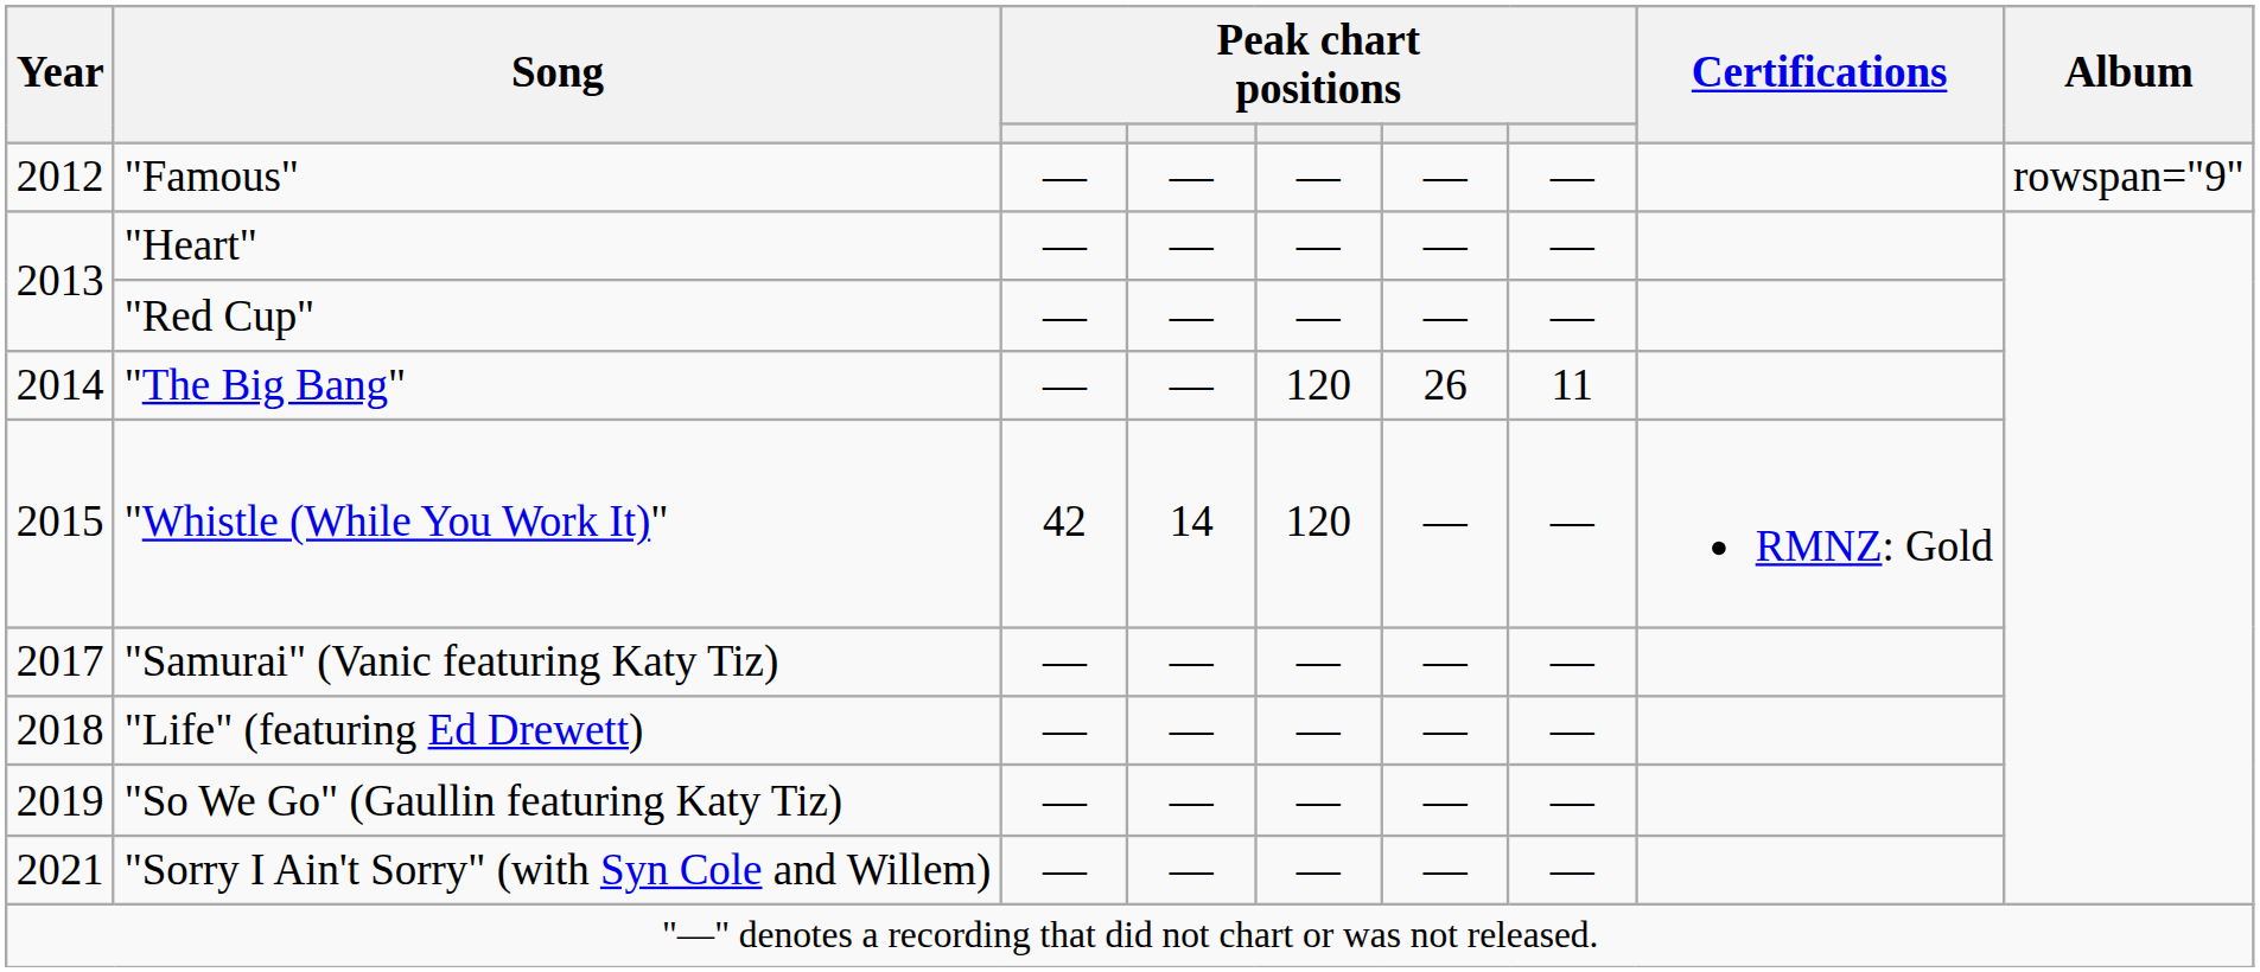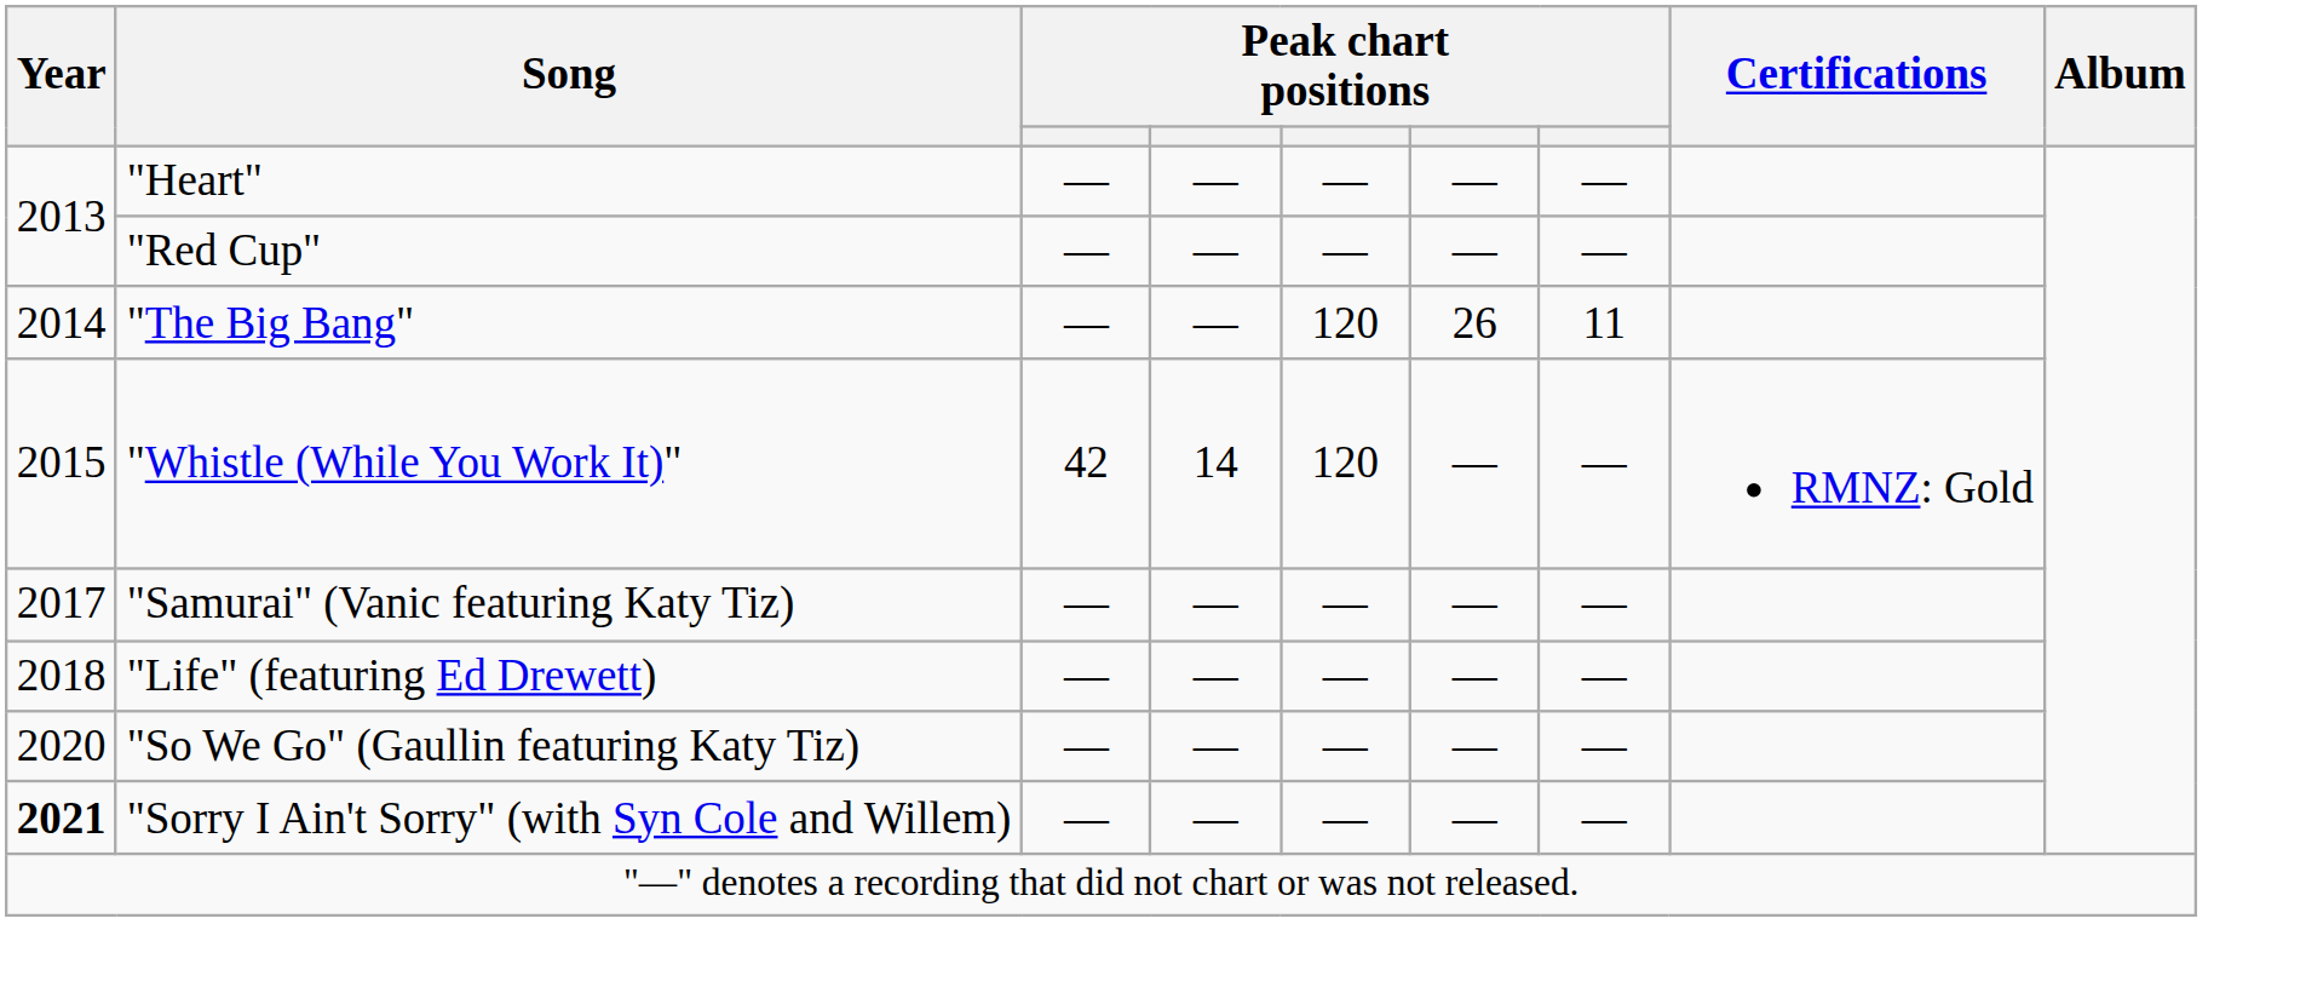 <table class="wikitable" style=text-align:center;>
 <tr>
 <th rowspan="2">Year</th>
 <th rowspan="2">Song</th>
 <th colspan="5">Peak chart <br>positions</th>
 <th rowspan="2"><a href='#'>Certifications</a></th>
 <th rowspan="2">Album</th>
 </tr>
 <tr style="font-size:smaller;">
 <th style="width:3em;"></th>
 <th style="width:3em;"></th>
 <th style="width:3em;"></th>
 <th style="width:3em;"></th>
 <th style="width:3em;"></th>
-</tr>
-<tr>
-<td>2012</td>
-<td align="left">"Famous"</td>
-<td>—</td>
-<td>—</td>
-<td>—</td>
-<td>—</td>
-<td>—</td>
-<td></td>
-<td>rowspan="9" </td>
 </tr>
 <tr>
 <td rowspan="2">2013</td>
 <td align="left">"Heart"</td>
 <td>—</td>
 <td>—</td>
 <td>—</td>
 <td>—</td>
 <td>—</td>
 <td></td>
 </tr>
 <tr>
 <td align="left">"Red Cup"</td>
 <td>—</td>
 <td>—</td>
 <td>—</td>
 <td>—</td>
 <td>—</td>
 <td></td>
 </tr>
 <tr>
 <td>2014</td>
 <td align="left">"<a href='#'>The Big Bang</a>"</td>
 <td>—</td>
 <td>—</td>
 <td>120</td>
 <td>26</td>
 <td>11</td>
 <td></td>
 </tr>
 <tr>
 <td>2015</td>
 <td align="left">"<a href='#'>Whistle (While You Work It)</a>"</td>
 <td>42</td>
 <td>14</td>
 <td>120</td>
 <td>—</td>
 <td>—</td>
 <td><br><ul><li><a href='#'>RMNZ</a>: Gold</li></ul></td>
 </tr>
 <tr>
 <td>2017</td>
 <td align="left">"Samurai" (Vanic featuring Katy Tiz)</td>
 <td>—</td>
 <td>—</td>
 <td>—</td>
 <td>—</td>
 <td>—</td>
 <td></td>
 </tr>
 <tr>
 <td>2018</td>
 <td align="left">"Life" (featuring <a href='#'>Ed Drewett</a>)</td>
 <td>—</td>
 <td>—</td>
 <td>—</td>
 <td>—</td>
 <td>—</td>
 <td></td>
 </tr>
 <tr>
-<td>2019</td>
+<td>2020</td>
 <td align="left">"So We Go" (Gaullin featuring Katy Tiz)</td>
 <td>—</td>
 <td>—</td>
 <td>—</td>
 <td>—</td>
 <td>—</td>
 <td></td>
 </tr>
 <tr>
-<td>2021</td>
+<td><strong>2021</strong></td>
 <td align="left">"Sorry I Ain't Sorry" (with <a href='#'>Syn Cole</a> and Willem)</td>
 <td>—</td>
 <td>—</td>
 <td>—</td>
 <td>—</td>
 <td>—</td>
 <td></td>
 </tr>
 <tr>
 <td colspan="9" style="font-size:85%">"—" denotes a recording that did not chart or was not released.</td>
 </tr>
 </table>
